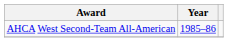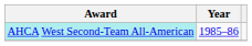 <table class="wikitable">
 <tr>
 <th>Award</th>
 <th>Year</th>
 <th></th>
 </tr>
 <tr>
-<td><a href='#'>AHCA</a> <a href='#'>West Second-Team All-American</a></td>
+<td style="background: paleturquoise;"><a href='#'>AHCA</a> <a href='#'>West Second-Team All-American</a></td>
 <td><a href='#'>1985–86</a></td>
 <td></td>
 </tr>
 <tr>
 </tr>
 </table>
